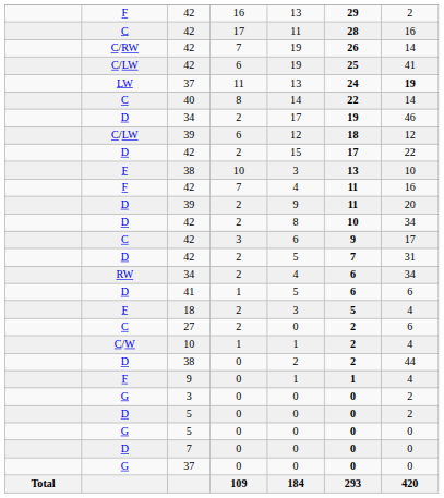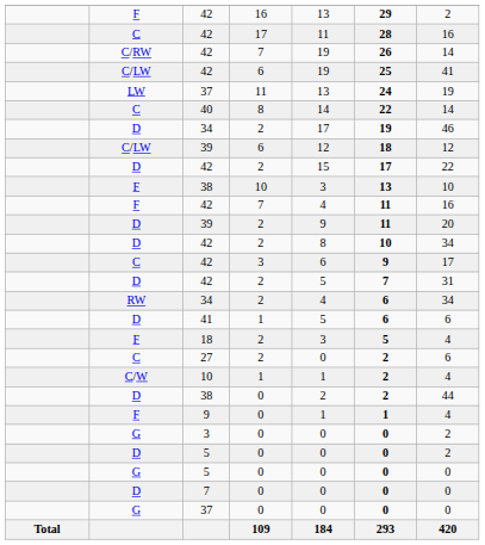 <table class="wikitable sortable" width ="50%">
 <tr align="center">
 </tr>
 <tr align="center" bgcolor="">
 <td></td>
 <td><a href='#'>F</a></td>
 <td>42</td>
 <td>16</td>
 <td>13</td>
 <td><strong>29</strong></td>
 <td>2</td>
 </tr>
 <tr align="center" bgcolor="f0f0f0">
 <td></td>
 <td><a href='#'>C</a></td>
 <td>42</td>
 <td>17</td>
 <td>11</td>
 <td><strong>28</strong></td>
 <td>16</td>
 </tr>
 <tr align="center" bgcolor="">
 <td></td>
 <td><a href='#'>C</a>/<a href='#'>RW</a></td>
 <td>42</td>
 <td>7</td>
 <td>19</td>
 <td><strong>26</strong></td>
 <td>14</td>
 </tr>
 <tr align="center" bgcolor="f0f0f0">
 <td></td>
 <td><a href='#'>C</a>/<a href='#'>LW</a></td>
 <td>42</td>
 <td>6</td>
 <td>19</td>
 <td><strong>25</strong></td>
 <td>41</td>
 </tr>
 <tr align="center" bgcolor="">
 <td></td>
 <td><a href='#'>LW</a></td>
 <td>37</td>
 <td>11</td>
 <td>13</td>
 <td><strong>24</strong></td>
-<td><strong>19</strong></td>
+<td>19</td>
 </tr>
 <tr align="center" bgcolor="f0f0f0">
 <td></td>
 <td><a href='#'>C</a></td>
 <td>40</td>
 <td>8</td>
 <td>14</td>
 <td><strong>22</strong></td>
 <td>14</td>
 </tr>
 <tr align="center" bgcolor="">
 <td></td>
 <td><a href='#'>D</a></td>
 <td>34</td>
 <td>2</td>
 <td>17</td>
 <td><strong>19</strong></td>
 <td>46</td>
 </tr>
 <tr align="center" bgcolor="f0f0f0">
 <td></td>
 <td><a href='#'>C</a>/<a href='#'>LW</a></td>
 <td>39</td>
 <td>6</td>
 <td>12</td>
 <td><strong>18</strong></td>
 <td>12</td>
 </tr>
 <tr align="center" bgcolor="">
 <td></td>
 <td><a href='#'>D</a></td>
 <td>42</td>
 <td>2</td>
 <td>15</td>
 <td><strong>17</strong></td>
 <td>22</td>
 </tr>
 <tr align="center" bgcolor="f0f0f0">
 <td></td>
 <td><a href='#'>F</a></td>
 <td>38</td>
 <td>10</td>
 <td>3</td>
 <td><strong>13</strong></td>
 <td>10</td>
 </tr>
 <tr align="center" bgcolor="">
 <td></td>
 <td><a href='#'>F</a></td>
 <td>42</td>
 <td>7</td>
 <td>4</td>
 <td><strong>11</strong></td>
 <td>16</td>
 </tr>
 <tr align="center" bgcolor="f0f0f0">
 <td></td>
 <td><a href='#'>D</a></td>
 <td>39</td>
 <td>2</td>
 <td>9</td>
 <td><strong>11</strong></td>
 <td>20</td>
 </tr>
 <tr align="center" bgcolor="">
 <td></td>
 <td><a href='#'>D</a></td>
 <td>42</td>
 <td>2</td>
 <td>8</td>
 <td><strong>10</strong></td>
 <td>34</td>
 </tr>
 <tr align="center" bgcolor="f0f0f0">
 <td></td>
 <td><a href='#'>C</a></td>
 <td>42</td>
 <td>3</td>
 <td>6</td>
 <td><strong>9</strong></td>
 <td>17</td>
 </tr>
 <tr align="center" bgcolor="">
 <td></td>
 <td><a href='#'>D</a></td>
 <td>42</td>
 <td>2</td>
 <td>5</td>
 <td><strong>7</strong></td>
 <td>31</td>
 </tr>
 <tr align="center" bgcolor="f0f0f0">
 <td></td>
 <td><a href='#'>RW</a></td>
 <td>34</td>
 <td>2</td>
 <td>4</td>
 <td><strong>6</strong></td>
 <td>34</td>
 </tr>
 <tr align="center" bgcolor="">
 <td></td>
 <td><a href='#'>D</a></td>
 <td>41</td>
 <td>1</td>
 <td>5</td>
 <td><strong>6</strong></td>
 <td>6</td>
 </tr>
 <tr align="center" bgcolor="f0f0f0">
 <td></td>
 <td><a href='#'>F</a></td>
 <td>18</td>
 <td>2</td>
 <td>3</td>
 <td><strong>5</strong></td>
 <td>4</td>
 </tr>
 <tr align="center" bgcolor="">
 <td></td>
 <td><a href='#'>C</a></td>
 <td>27</td>
 <td>2</td>
 <td>0</td>
 <td><strong>2</strong></td>
 <td>6</td>
 </tr>
 <tr align="center" bgcolor="f0f0f0">
 <td></td>
 <td><a href='#'>C</a>/<a href='#'>W</a></td>
 <td>10</td>
 <td>1</td>
 <td>1</td>
 <td><strong>2</strong></td>
 <td>4</td>
 </tr>
 <tr align="center" bgcolor="">
 <td></td>
 <td><a href='#'>D</a></td>
 <td>38</td>
 <td>0</td>
 <td>2</td>
 <td><strong>2</strong></td>
 <td>44</td>
 </tr>
 <tr align="center" bgcolor="f0f0f0">
 <td></td>
 <td><a href='#'>F</a></td>
 <td>9</td>
 <td>0</td>
 <td>1</td>
 <td><strong>1</strong></td>
 <td>4</td>
 </tr>
 <tr align="center" bgcolor="">
 <td></td>
 <td><a href='#'>G</a></td>
 <td>3</td>
 <td>0</td>
 <td>0</td>
 <td><strong>0</strong></td>
 <td>2</td>
 </tr>
 <tr align="center" bgcolor="f0f0f0">
 <td></td>
 <td><a href='#'>D</a></td>
 <td>5</td>
 <td>0</td>
 <td>0</td>
 <td><strong>0</strong></td>
 <td>2</td>
 </tr>
 <tr align="center" bgcolor="">
 <td></td>
 <td><a href='#'>G</a></td>
 <td>5</td>
 <td>0</td>
 <td>0</td>
 <td><strong>0</strong></td>
 <td>0</td>
 </tr>
 <tr align="center" bgcolor="f0f0f0">
 <td></td>
 <td><a href='#'>D</a></td>
 <td>7</td>
 <td>0</td>
 <td>0</td>
 <td><strong>0</strong></td>
 <td>0</td>
 </tr>
 <tr align="center" bgcolor="">
 <td></td>
 <td><a href='#'>G</a></td>
 <td>37</td>
 <td>0</td>
 <td>0</td>
 <td><strong>0</strong></td>
 <td>0</td>
 </tr>
 <tr>
 <th>Total</th>
 <th></th>
 <th></th>
 <th>109</th>
 <th>184</th>
 <th>293</th>
 <th>420</th>
 </tr>
 </table>
